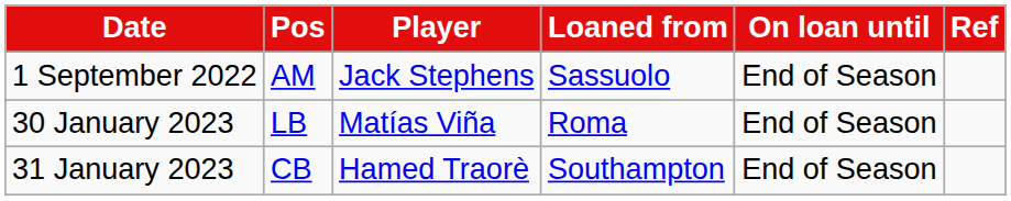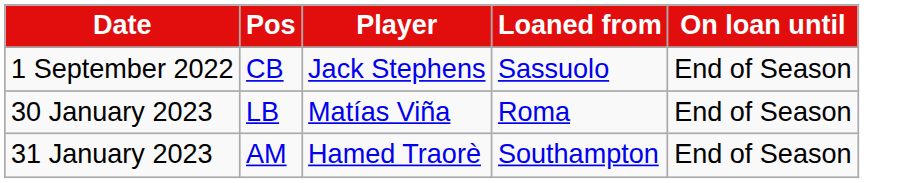 <table class="wikitable plainrowheaders sortable">
 <tr>
 <th style="background:#e20e0e; color:#ffffff; ">Date</th>
 <th style="background:#e20e0e; color:#ffffff; ">Pos</th>
 <th style="background:#e20e0e; color:#ffffff; ">Player</th>
 <th style="background:#e20e0e; color:#ffffff; ">Loaned from</th>
 <th style="background:#e20e0e; color:#ffffff; ">On loan until</th>
-<th style="background:#e20e0e; color:#ffffff; ">Ref</th>
 </tr>
 <tr>
 <td>1 September 2022</td>
-<td><a href='#'>AM</a></td>
+<td><a href='#'>CB</a></td>
 <td> <a href='#'>Jack Stephens</a></td>
 <td> <a href='#'>Sassuolo</a></td>
 <td>End of Season</td>
-<td></td>
 </tr>
 <tr>
 <td>30 January 2023</td>
 <td><a href='#'>LB</a></td>
 <td> <a href='#'>Matías Viña</a></td>
 <td> <a href='#'>Roma</a></td>
 <td>End of Season</td>
-<td></td>
 </tr>
 <tr>
 <td>31 January 2023</td>
-<td><a href='#'>CB</a></td>
+<td><a href='#'>AM</a></td>
 <td> <a href='#'>Hamed Traorè</a></td>
 <td> <a href='#'>Southampton</a></td>
 <td>End of Season</td>
-<td></td>
 </tr>
 </table>
